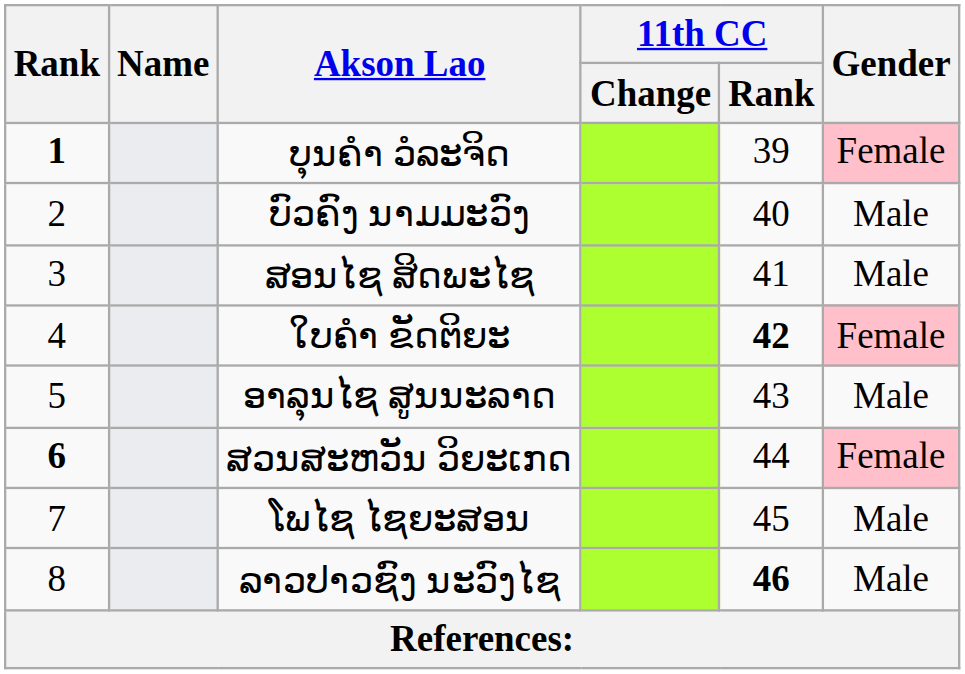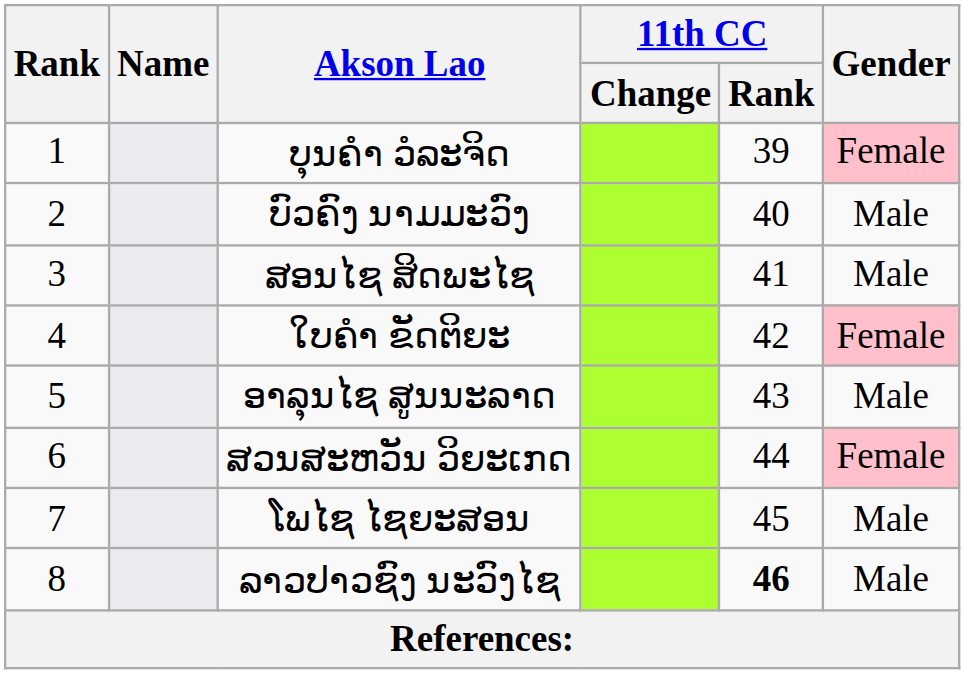 <table class="wikitable sortable" style=text-align:center>
 <tr>
 <th rowspan="2">Rank</th>
 <th rowspan="2">Name</th>
 <th rowspan="2" class="unsortable"><a href='#'>Akson Lao</a></th>
 <th colspan="2" class="unsortable"><a href='#'>11th CC</a></th>
 <th rowspan="2">Gender</th>
 </tr>
 <tr>
 <th>Change</th>
 <th>Rank</th>
 </tr>
 <tr>
-<td><strong>1</strong></td>
+<td>1</td>
 <td bgcolor = #EAECF0></td>
 <td>ບຸນຄໍາ ວໍລະຈິດ</td>
 <td bgcolor = GreenYellow></td>
 <td>39</td>
 <td bgcolor = Pink>Female</td>
 </tr>
 <tr>
 <td>2</td>
 <td bgcolor = #EAECF0></td>
 <td>ບົວຄົງ ນາມມະວົງ</td>
 <td bgcolor = GreenYellow></td>
 <td>40</td>
 <td>Male</td>
 </tr>
 <tr>
 <td>3</td>
 <td bgcolor = #EAECF0></td>
 <td>ສອນໄຊ ສິດພະໄຊ</td>
 <td bgcolor = GreenYellow></td>
 <td>41</td>
 <td>Male</td>
 </tr>
 <tr>
 <td>4</td>
 <td bgcolor = #EAECF0></td>
 <td>ໃບຄໍາ ຂັດຕິຍະ</td>
 <td bgcolor = GreenYellow></td>
-<td><strong>42</strong></td>
+<td>42</td>
 <td bgcolor = Pink>Female</td>
 </tr>
 <tr>
 <td>5</td>
 <td bgcolor = #EAECF0></td>
 <td>ອາລຸນໄຊ ສູນນະລາດ</td>
 <td bgcolor = GreenYellow></td>
 <td>43</td>
 <td>Male</td>
 </tr>
 <tr>
-<td><strong>6</strong></td>
+<td>6</td>
 <td bgcolor = #EAECF0></td>
 <td>ສວນສະຫວັນ ວິຍະເກດ</td>
 <td bgcolor = GreenYellow></td>
 <td>44</td>
 <td bgcolor = Pink>Female</td>
 </tr>
 <tr>
 <td>7</td>
 <td bgcolor = #EAECF0></td>
 <td>ໂພໄຊ ໄຊຍະສອນ</td>
 <td bgcolor = GreenYellow></td>
 <td>45</td>
 <td>Male</td>
 </tr>
 <tr>
 <td>8</td>
 <td bgcolor = #EAECF0></td>
 <td>ລາວປາວຊົງ ນະວົງໄຊ</td>
 <td bgcolor = GreenYellow></td>
 <td><strong>46</strong></td>
 <td>Male</td>
 </tr>
 <tr class=sortbottom>
 <th colspan = "23" align = left><strong>References:</strong><br></th>
 </tr>
 </table>
